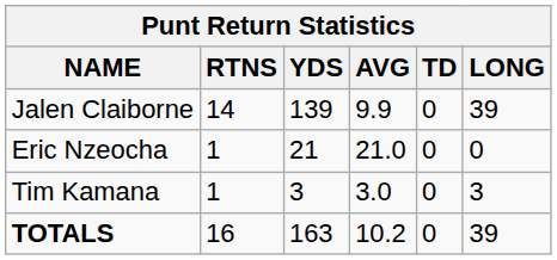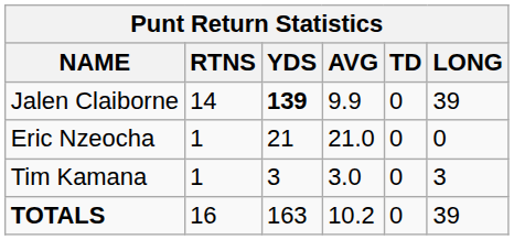 <table class="wikitable sortable collapsible collapsed">
 <tr>
 <th colspan="8">Punt Return Statistics</th>
 </tr>
 <tr>
 <th>NAME</th>
 <th>RTNS</th>
 <th>YDS</th>
 <th>AVG</th>
 <th>TD</th>
 <th>LONG</th>
 </tr>
 <tr>
 <td>Jalen Claiborne</td>
 <td>14</td>
-<td>139</td>
+<td><strong>139</strong></td>
 <td>9.9</td>
 <td>0</td>
 <td>39</td>
 </tr>
 <tr>
 <td>Eric Nzeocha</td>
 <td>1</td>
 <td>21</td>
 <td>21.0</td>
 <td>0</td>
 <td>0</td>
 </tr>
 <tr>
 <td>Tim Kamana</td>
 <td>1</td>
 <td>3</td>
 <td>3.0</td>
 <td>0</td>
 <td>3</td>
 </tr>
 <tr>
 <td><strong>TOTALS</strong></td>
 <td>16</td>
 <td>163</td>
 <td>10.2</td>
 <td>0</td>
 <td>39</td>
 </tr>
 </table>
